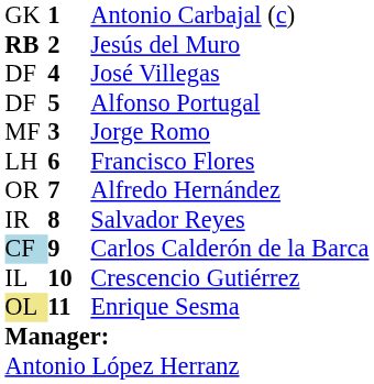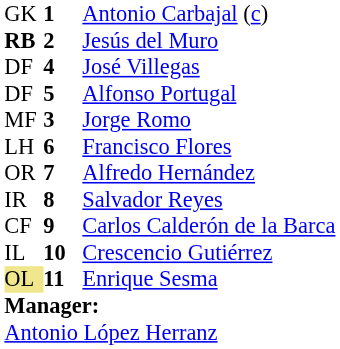 <table cellspacing="0" cellpadding="0" style="font-size:90%; margin:0.2em auto;">
 <tr>
 <th width="25"></th>
 <th width="25"></th>
 </tr>
 <tr>
 <td>GK</td>
 <td><strong>1</strong></td>
 <td><a href='#'>Antonio Carbajal</a> (<a href='#'>c</a>)</td>
 </tr>
 <tr>
 <td><strong>RB</strong></td>
 <td><strong>2</strong></td>
 <td><a href='#'>Jesús del Muro</a></td>
 </tr>
 <tr>
 <td>DF</td>
 <td><strong>4</strong></td>
 <td><a href='#'>José Villegas</a></td>
 </tr>
 <tr>
 <td>DF</td>
 <td><strong>5</strong></td>
 <td><a href='#'>Alfonso Portugal</a></td>
 </tr>
 <tr>
 <td>MF</td>
 <td><strong>3</strong></td>
 <td><a href='#'>Jorge Romo</a></td>
 </tr>
 <tr>
 <td>LH</td>
 <td><strong>6</strong></td>
 <td><a href='#'>Francisco Flores</a></td>
 </tr>
 <tr>
 <td>OR</td>
 <td><strong>7</strong></td>
 <td><a href='#'>Alfredo Hernández</a></td>
 </tr>
 <tr>
 <td>IR</td>
 <td><strong>8</strong></td>
 <td><a href='#'>Salvador Reyes</a></td>
 </tr>
 <tr>
-<td style="background: lightblue;">CF</td>
+<td>CF</td>
 <td><strong>9</strong></td>
 <td><a href='#'>Carlos Calderón de la Barca</a></td>
 </tr>
 <tr>
 <td>IL</td>
 <td><strong>10</strong></td>
 <td><a href='#'>Crescencio Gutiérrez</a></td>
 </tr>
 <tr>
 <td style="background: khaki;">OL</td>
 <td><strong>11</strong></td>
 <td><a href='#'>Enrique Sesma</a></td>
 </tr>
 <tr>
 <td colspan=3><strong>Manager:</strong></td>
 </tr>
 <tr>
 <td colspan=4> <a href='#'>Antonio López Herranz</a></td>
 </tr>
 </table>
